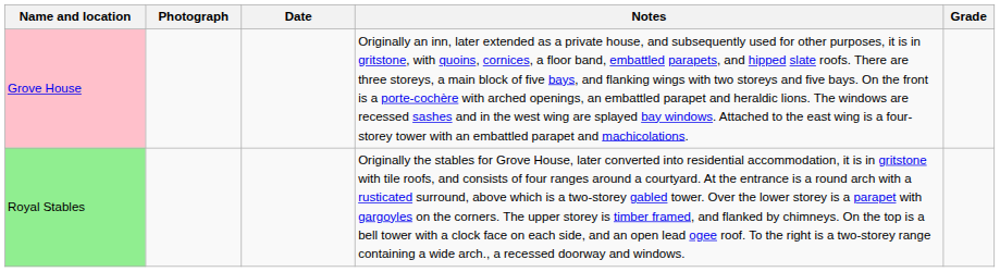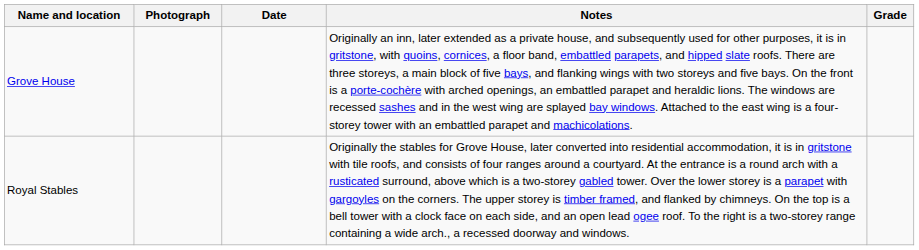 <table class="wikitable sortable plainrowheaders" style="width:100%; border:0px; text-align:left; line-height:150%">
 <tr>
 <th scope="col"  style="width:150px">Name and location</th>
 <th scope="col"  style="width:100px" class="unsortable">Photograph</th>
 <th scope="col"  style="width:120px">Date</th>
 <th scope="col"  style="width:650px" class="unsortable">Notes</th>
 <th scope="col"  style="width:50px">Grade</th>
 </tr>
 <tr>
-<td style="background: pink;"><a href='#'>Grove House</a><br><small></small></td>
+<td><a href='#'>Grove House</a><br><small></small></td>
 <td></td>
 <td align="center"></td>
 <td>Originally an inn, later extended as a private house, and subsequently used for other purposes, it is in <a href='#'>gritstone</a>, with <a href='#'>quoins</a>, <a href='#'>cornices</a>, a floor band, <a href='#'>embattled</a> <a href='#'>parapets</a>, and <a href='#'>hipped</a> <a href='#'>slate</a> roofs. There are three storeys, a main block of five <a href='#'>bays</a>, and flanking wings with two storeys and five bays. On the front is a <a href='#'>porte-cochère</a> with arched openings, an embattled parapet and heraldic lions. The windows are recessed <a href='#'>sashes</a> and in the west wing are splayed <a href='#'>bay windows</a>. Attached to the east wing is a four-storey tower with an embattled parapet and <a href='#'>machicolations</a>.</td>
 <td align="center" ></td>
 </tr>
 <tr>
-<td style="background: lightgreen;">Royal Stables<br><small></small></td>
+<td>Royal Stables<br><small></small></td>
 <td></td>
 <td align="center"></td>
 <td>Originally the stables for Grove House, later converted into residential accommodation, it is in <a href='#'>gritstone</a> with tile roofs, and consists of four ranges around a courtyard.  At the entrance is a round arch with a <a href='#'>rusticated</a> surround, above which is a two-storey <a href='#'>gabled</a> tower. Over the lower storey is a <a href='#'>parapet</a> with <a href='#'>gargoyles</a> on the corners. The upper storey is <a href='#'>timber framed</a>, and flanked by chimneys.  On the top is a bell tower with a clock face on each side, and an open lead <a href='#'>ogee</a> roof. To the right is a two-storey range containing a wide arch., a recessed doorway and windows.</td>
 <td align="center" ></td>
 </tr>
 <tr>
 </tr>
 </table>
